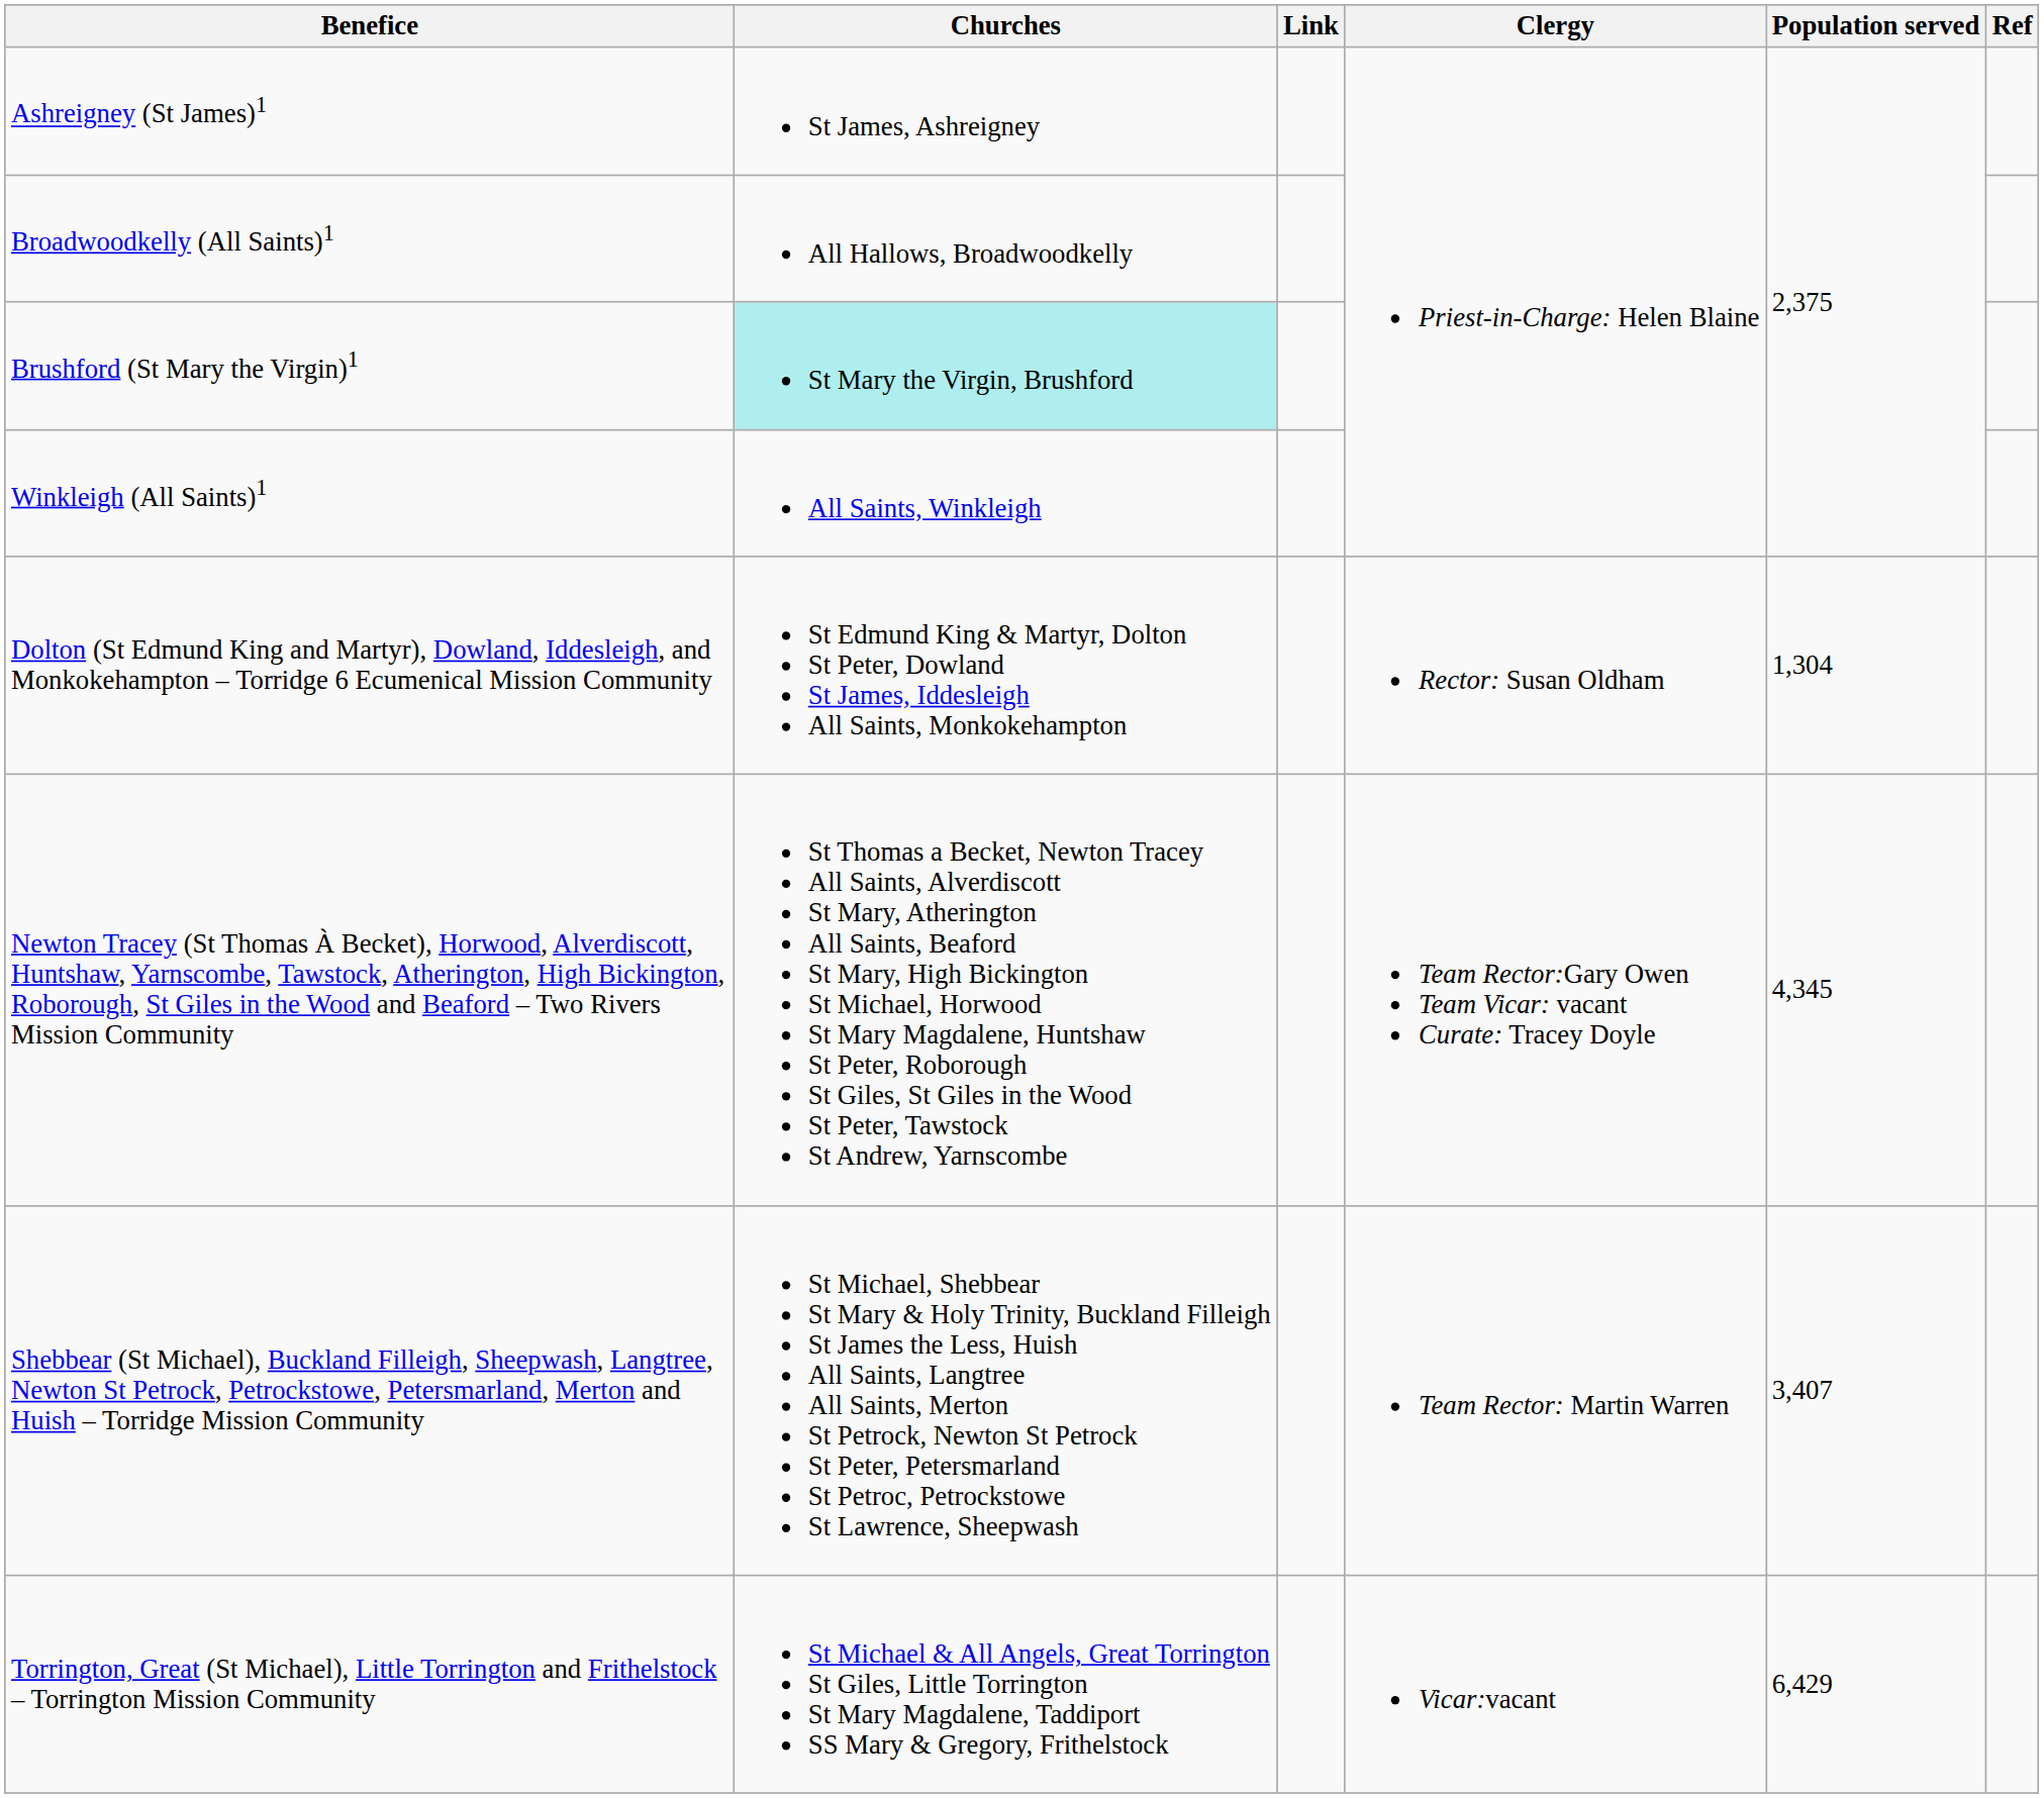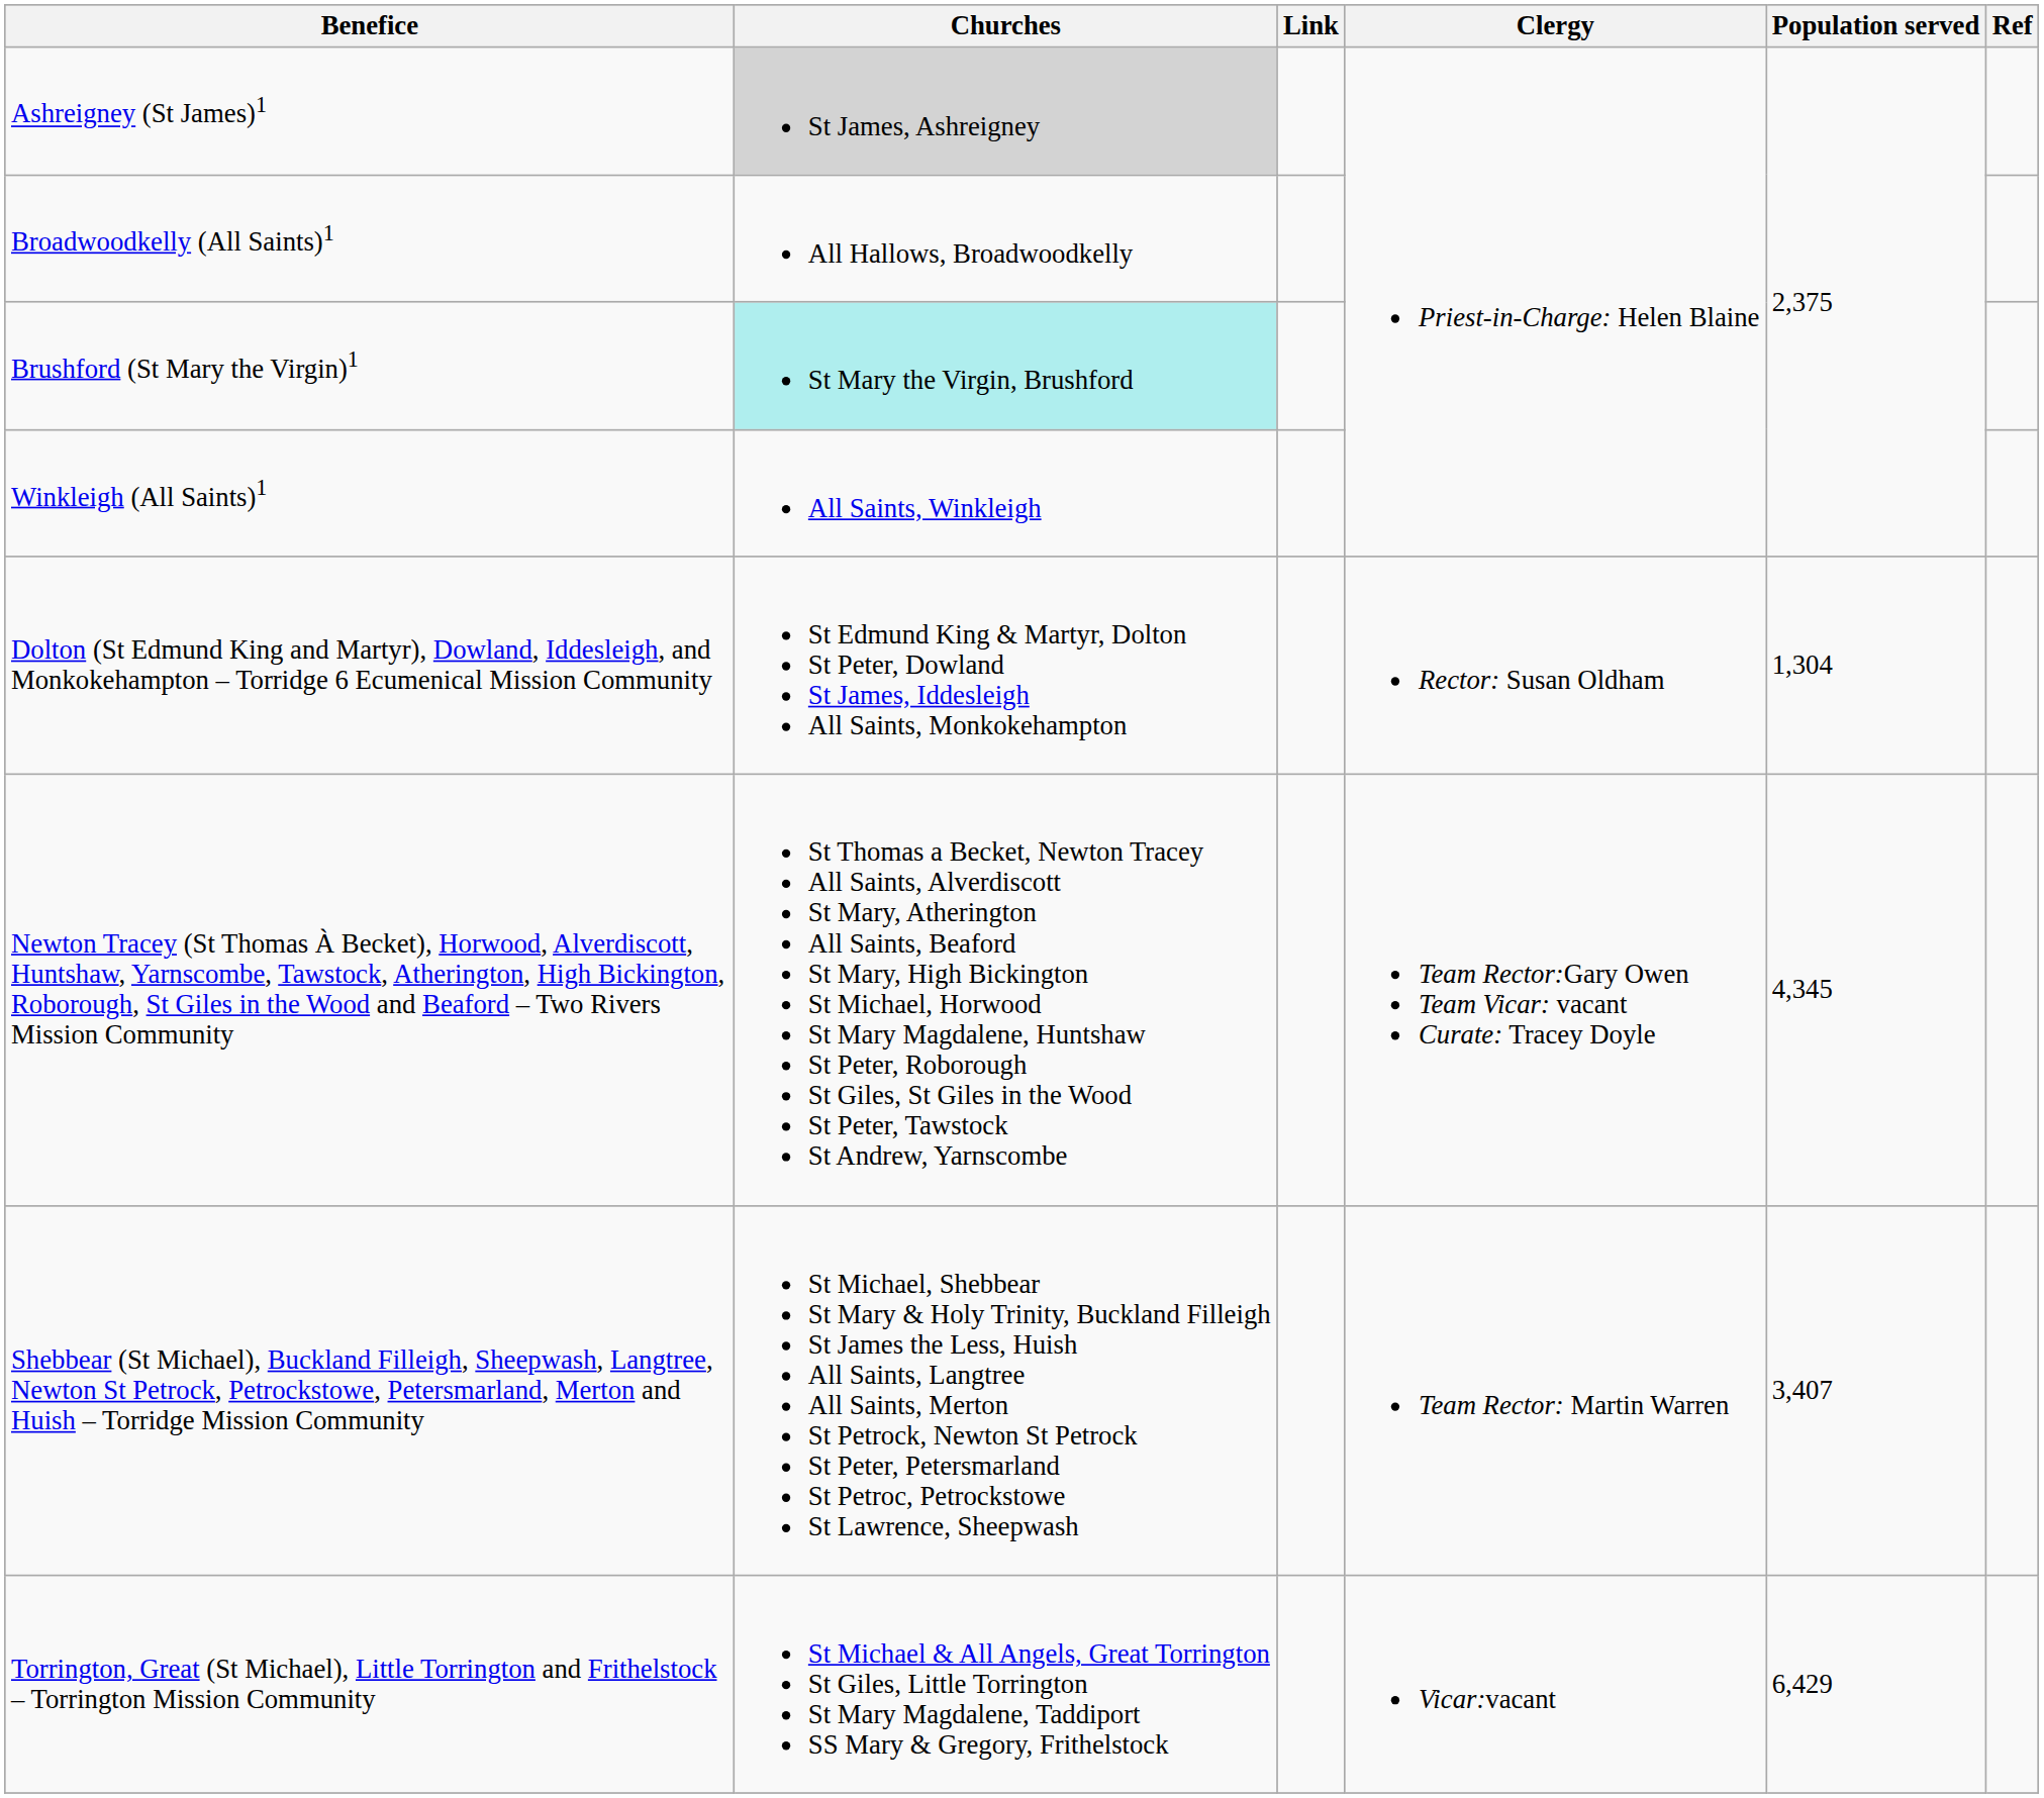 <table class="wikitable">
 <tr>
 <th width="425">Benefice</th>
 <th>Churches</th>
 <th>Link</th>
 <th>Clergy</th>
 <th>Population served</th>
 <th>Ref</th>
 </tr>
 <tr>
 <td><a href='#'>Ashreigney</a> (St James)<sup>1</sup></td>
-<td><br><ul><li>St James, Ashreigney</li></ul></td>
+<td style="background: lightgrey;"><br><ul><li>St James, Ashreigney</li></ul></td>
 <td></td>
 <td rowspan="4"><br><ul><li><em>Priest-in-Charge:</em> Helen Blaine</li></ul></td>
 <td rowspan="4">2,375</td>
 <td></td>
 </tr>
 <tr>
 <td><a href='#'>Broadwoodkelly</a> (All Saints)<sup>1</sup></td>
 <td><br><ul><li>All Hallows, Broadwoodkelly</li></ul></td>
 <td></td>
 <td></td>
 </tr>
 <tr>
 <td><a href='#'>Brushford</a> (St Mary the Virgin)<sup>1</sup></td>
 <td style="background: paleturquoise;"><br><ul><li>St Mary the Virgin, Brushford</li></ul></td>
 <td></td>
 <td></td>
 </tr>
 <tr>
 <td><a href='#'>Winkleigh</a> (All Saints)<sup>1</sup></td>
 <td><br><ul><li><a href='#'>All Saints, Winkleigh</a></li></ul></td>
 <td></td>
 <td></td>
 </tr>
 <tr>
 <td><a href='#'>Dolton</a> (St Edmund King and Martyr), <a href='#'>Dowland</a>, <a href='#'>Iddesleigh</a>, and Monkokehampton – Torridge 6 Ecumenical Mission Community</td>
 <td><br><ul><li>St Edmund King & Martyr, Dolton</li><li>St Peter, Dowland</li><li><a href='#'>St James, Iddesleigh</a></li><li>All Saints, Monkokehampton</li></ul></td>
 <td></td>
 <td><br><ul><li><em>Rector:</em> Susan Oldham</li></ul></td>
 <td>1,304</td>
 <td></td>
 </tr>
 <tr>
 <td><a href='#'>Newton Tracey</a> (St Thomas À Becket), <a href='#'>Horwood</a>, <a href='#'>Alverdiscott</a>, <a href='#'>Huntshaw</a>, <a href='#'>Yarnscombe</a>, <a href='#'>Tawstock</a>, <a href='#'>Atherington</a>, <a href='#'>High Bickington</a>, <a href='#'>Roborough</a>, <a href='#'>St Giles in the Wood</a> and <a href='#'>Beaford</a> – Two Rivers Mission Community</td>
 <td><br><ul><li>St Thomas a Becket, Newton Tracey</li><li>All Saints, Alverdiscott</li><li>St Mary, Atherington</li><li>All Saints, Beaford</li><li>St Mary, High Bickington</li><li>St Michael, Horwood</li><li>St Mary Magdalene, Huntshaw</li><li>St Peter, Roborough</li><li>St Giles, St Giles in the Wood</li><li>St Peter, Tawstock</li><li>St Andrew, Yarnscombe</li></ul></td>
 <td></td>
 <td><br><ul><li><em>Team Rector:</em>Gary Owen</li><li><em>Team Vicar:</em> vacant</li><li><em>Curate:</em> Tracey Doyle</li></ul></td>
 <td>4,345</td>
 <td></td>
 </tr>
 <tr>
 <td><a href='#'>Shebbear</a> (St Michael), <a href='#'>Buckland Filleigh</a>, <a href='#'>Sheepwash</a>, <a href='#'>Langtree</a>, <a href='#'>Newton St Petrock</a>, <a href='#'>Petrockstowe</a>, <a href='#'>Petersmarland</a>, <a href='#'>Merton</a> and <a href='#'>Huish</a> – Torridge Mission Community</td>
 <td><br><ul><li>St Michael, Shebbear</li><li>St Mary & Holy Trinity, Buckland Filleigh</li><li>St James the Less, Huish</li><li>All Saints, Langtree</li><li>All Saints, Merton</li><li>St Petrock, Newton St Petrock</li><li>St Peter, Petersmarland</li><li>St Petroc, Petrockstowe</li><li>St Lawrence, Sheepwash</li></ul></td>
 <td></td>
 <td><br><ul><li><em>Team Rector:</em> Martin Warren</li></ul></td>
 <td>3,407</td>
 <td></td>
 </tr>
 <tr>
 <td><a href='#'>Torrington, Great</a> (St Michael), <a href='#'>Little Torrington</a> and <a href='#'>Frithelstock</a> – Torrington Mission Community</td>
 <td><br><ul><li><a href='#'>St Michael & All Angels, Great Torrington</a></li><li>St Giles, Little Torrington</li><li>St Mary Magdalene, Taddiport</li><li>SS Mary & Gregory, Frithelstock</li></ul></td>
 <td></td>
 <td><br><ul><li><em>Vicar:</em>vacant</li></ul></td>
 <td>6,429</td>
 <td></td>
 </tr>
 </table>
